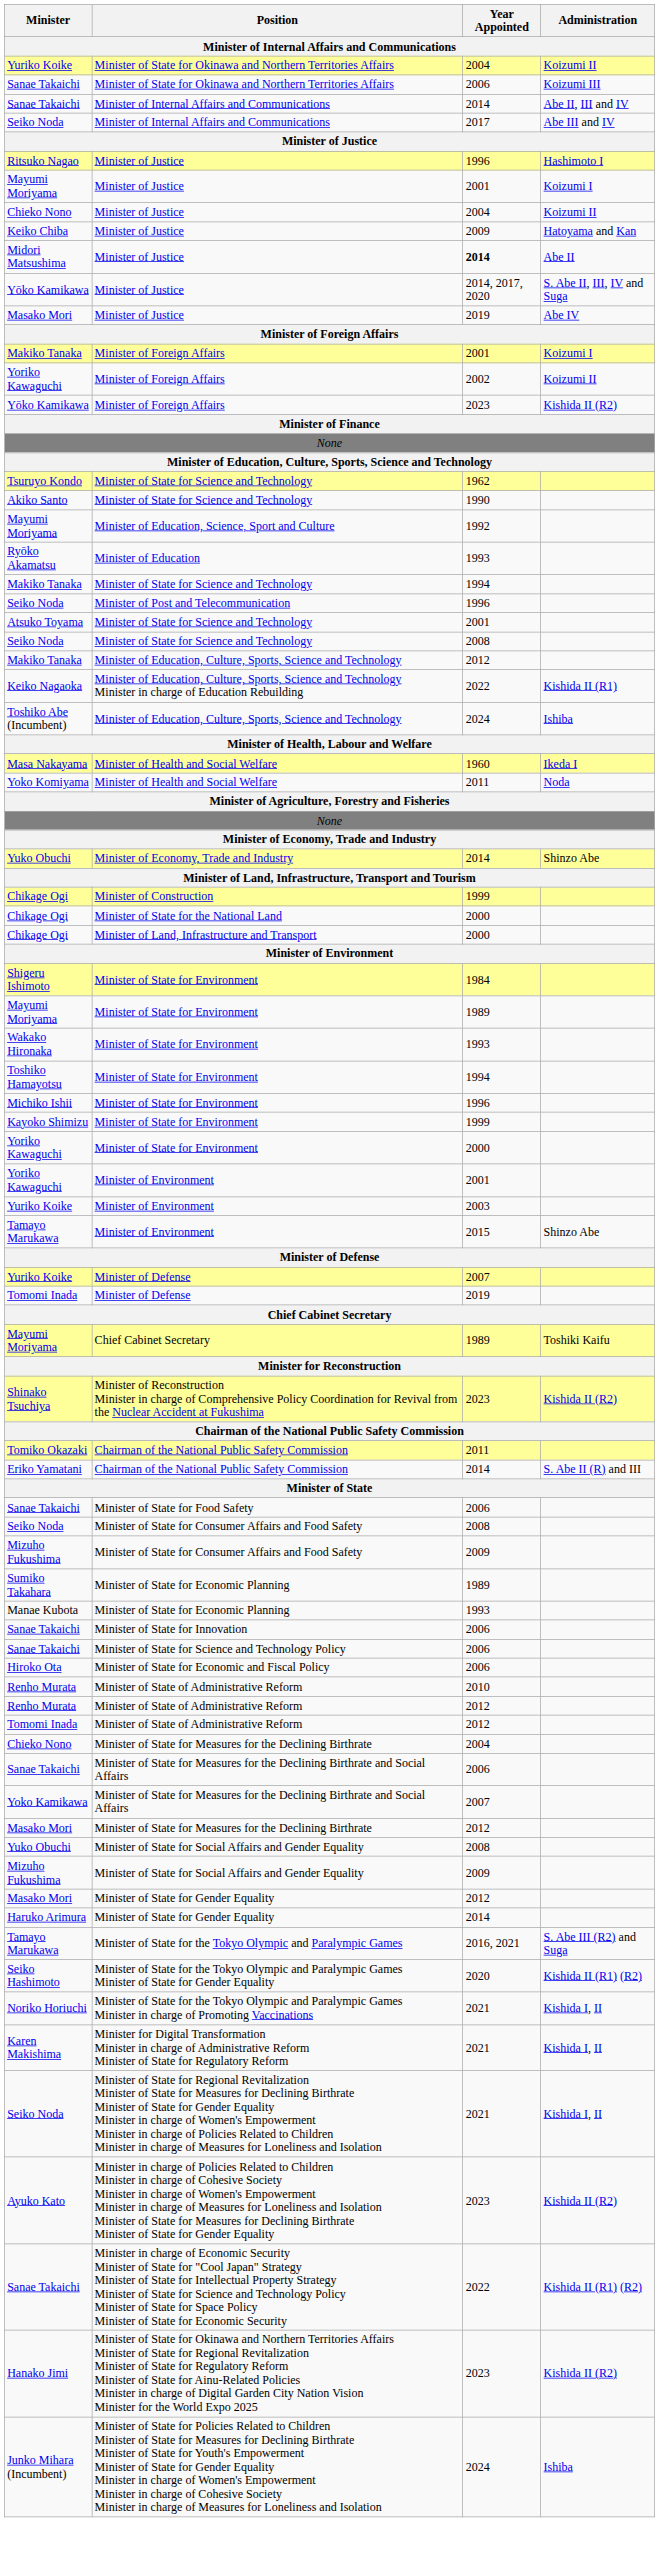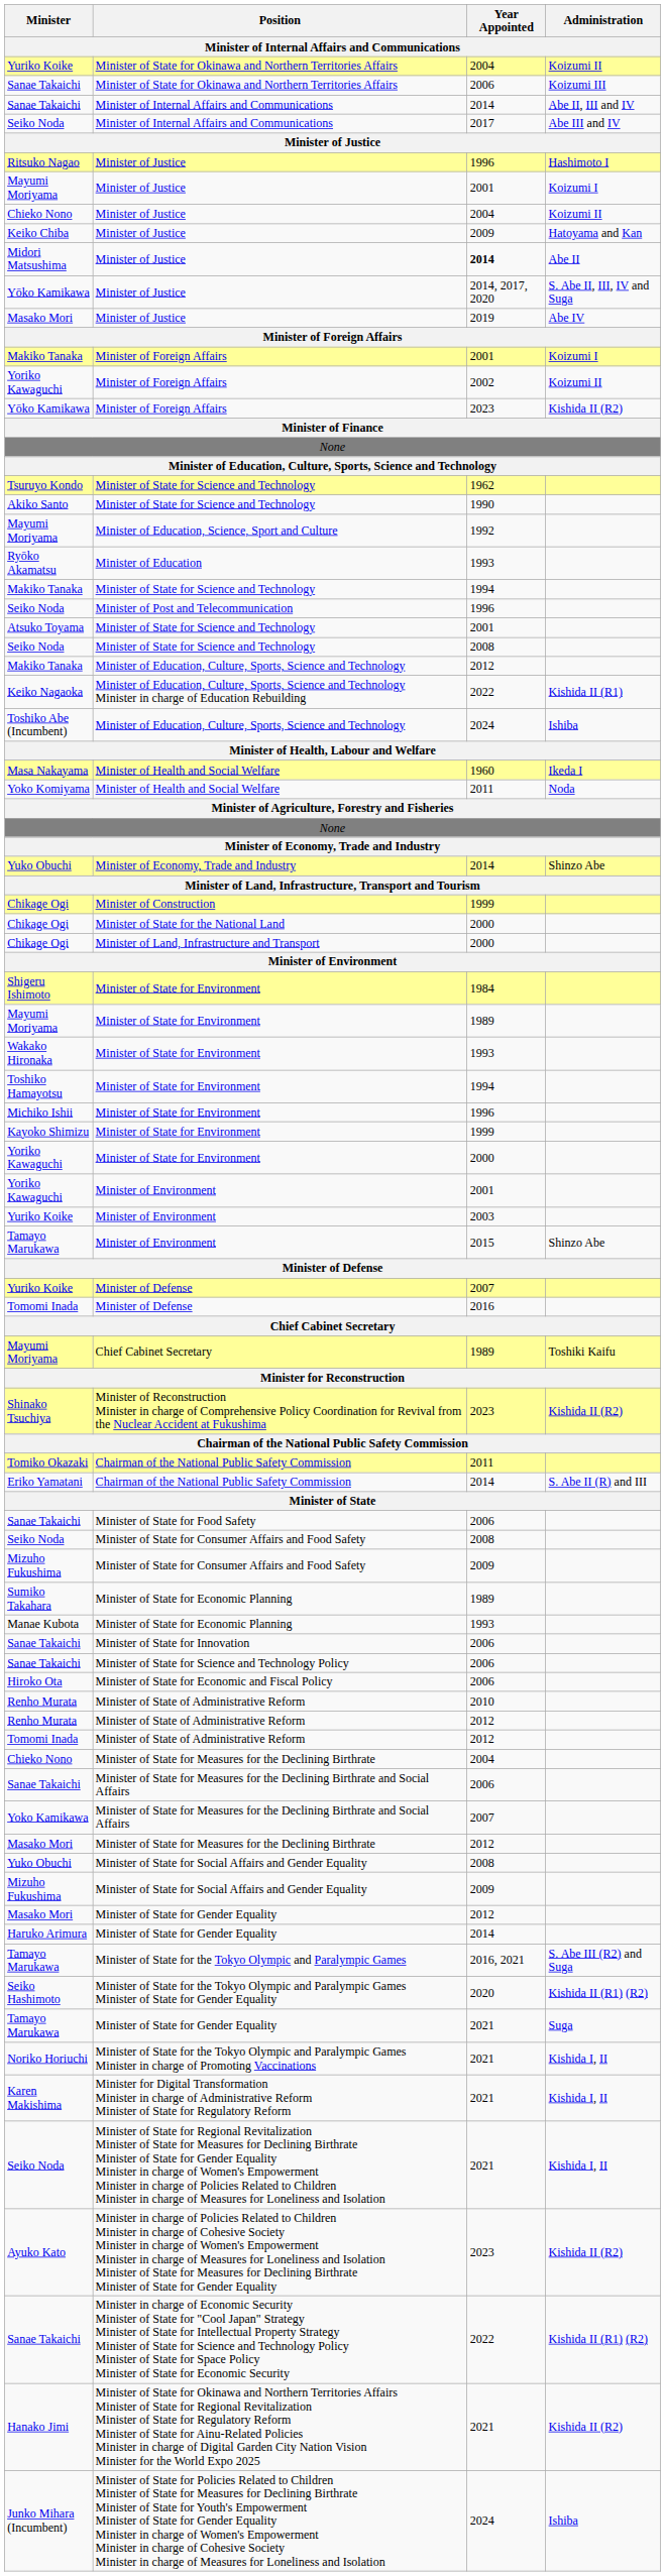 <table class="wikitable sortable">
 <tr>
 <th>Minister</th>
 <th>Position</th>
 <th>Year<br>Appointed</th>
 <th>Administration</th>
 </tr>
 <tr>
 <th colspan=4 align=center>Minister of Internal Affairs and Communications</th>
 </tr>
 <tr bgcolor="#FFFF99">
 <td><a href='#'>Yuriko Koike</a></td>
 <td><a href='#'>Minister of State for Okinawa and Northern Territories Affairs</a></td>
 <td>2004</td>
 <td><a href='#'>Koizumi II</a></td>
 </tr>
 <tr>
 <td><a href='#'>Sanae Takaichi</a></td>
 <td><a href='#'>Minister of State for Okinawa and Northern Territories Affairs</a></td>
 <td>2006</td>
 <td><a href='#'>Koizumi III</a></td>
 </tr>
 <tr>
 <td><a href='#'>Sanae Takaichi</a></td>
 <td><a href='#'>Minister of Internal Affairs and Communications</a></td>
 <td>2014</td>
 <td><a href='#'>Abe II</a>, <a href='#'>III</a> and <a href='#'>IV</a></td>
 </tr>
 <tr>
 <td><a href='#'>Seiko Noda</a></td>
 <td><a href='#'>Minister of Internal Affairs and Communications</a></td>
 <td>2017</td>
 <td><a href='#'>Abe III</a> and <a href='#'>IV</a></td>
 </tr>
 <tr>
 <th colspan=4 align=center>Minister of Justice</th>
 </tr>
 <tr bgcolor="#FFFF99">
 <td><a href='#'>Ritsuko Nagao</a></td>
 <td><a href='#'>Minister of Justice</a></td>
 <td>1996</td>
 <td><a href='#'>Hashimoto I</a></td>
 </tr>
 <tr>
 <td><a href='#'>Mayumi Moriyama</a></td>
 <td><a href='#'>Minister of Justice</a></td>
 <td>2001</td>
 <td><a href='#'>Koizumi I</a></td>
 </tr>
 <tr>
 <td><a href='#'>Chieko Nono</a></td>
 <td><a href='#'>Minister of Justice</a></td>
 <td>2004</td>
 <td><a href='#'>Koizumi II</a></td>
 </tr>
 <tr>
 <td><a href='#'>Keiko Chiba</a></td>
 <td><a href='#'>Minister of Justice</a></td>
 <td>2009</td>
 <td><a href='#'>Hatoyama</a> and <a href='#'>Kan</a></td>
 </tr>
 <tr>
 <td><a href='#'>Midori Matsushima</a></td>
 <td><a href='#'>Minister of Justice</a></td>
 <td><strong>2014</strong></td>
 <td><a href='#'>Abe II</a></td>
 </tr>
 <tr>
 <td><a href='#'>Yōko Kamikawa</a></td>
 <td><a href='#'>Minister of Justice</a></td>
 <td>2014, 2017, 2020</td>
 <td><a href='#'>S. Abe II</a>, <a href='#'>III</a>, <a href='#'>IV</a> and <a href='#'>Suga</a></td>
 </tr>
 <tr>
 <td><a href='#'> Masako Mori</a></td>
 <td><a href='#'>Minister of Justice</a></td>
 <td>2019</td>
 <td><a href='#'>Abe IV</a></td>
 </tr>
 <tr>
 <th colspan=4 align=center>Minister of Foreign Affairs</th>
 </tr>
 <tr bgcolor="#FFFF99">
 <td><a href='#'>Makiko Tanaka</a></td>
 <td><a href='#'>Minister of Foreign Affairs</a></td>
 <td>2001</td>
 <td><a href='#'>Koizumi I</a></td>
 </tr>
 <tr>
 <td><a href='#'>Yoriko Kawaguchi</a></td>
 <td><a href='#'>Minister of Foreign Affairs</a></td>
 <td>2002</td>
 <td><a href='#'>Koizumi II</a></td>
 </tr>
 <tr>
 <td><a href='#'>Yōko Kamikawa</a></td>
 <td><a href='#'>Minister of Foreign Affairs</a></td>
 <td>2023</td>
 <td><a href='#'>Kishida II (R2)</a></td>
 </tr>
 <tr>
 <th colspan=4 align=center>Minister of Finance</th>
 </tr>
 <tr>
 <td colspan=4 align=center bgcolor="gray"><em>None</em></td>
 </tr>
 <tr>
 <th colspan=4 align=center>Minister of Education, Culture, Sports, Science and Technology</th>
 </tr>
 <tr bgcolor="#FFFF99">
 <td><a href='#'>Tsuruyo Kondo</a></td>
 <td><a href='#'>Minister of State for Science and Technology</a></td>
 <td>1962</td>
 <td></td>
 </tr>
 <tr>
 <td><a href='#'>Akiko Santo</a></td>
 <td><a href='#'>Minister of State for Science and Technology</a></td>
 <td>1990</td>
 <td></td>
 </tr>
 <tr>
 <td><a href='#'>Mayumi Moriyama</a></td>
 <td><a href='#'>Minister of Education, Science, Sport and Culture</a></td>
 <td>1992</td>
 <td></td>
 </tr>
 <tr>
 <td><a href='#'>Ryōko Akamatsu</a></td>
 <td><a href='#'>Minister of Education</a></td>
 <td>1993</td>
 <td></td>
 </tr>
 <tr>
 <td><a href='#'>Makiko Tanaka</a></td>
 <td><a href='#'>Minister of State for Science and Technology</a></td>
 <td>1994</td>
 <td></td>
 </tr>
 <tr>
 <td><a href='#'>Seiko Noda</a></td>
 <td><a href='#'>Minister of Post and Telecommunication</a></td>
 <td>1996</td>
 <td></td>
 </tr>
 <tr>
 <td><a href='#'>Atsuko Toyama</a></td>
 <td><a href='#'>Minister of State for Science and Technology</a></td>
 <td>2001</td>
 <td></td>
 </tr>
 <tr>
 <td><a href='#'>Seiko Noda</a></td>
 <td><a href='#'>Minister of State for Science and Technology</a></td>
 <td>2008</td>
 <td></td>
 </tr>
 <tr>
 <td><a href='#'>Makiko Tanaka</a></td>
 <td><a href='#'>Minister of Education, Culture, Sports, Science and Technology</a></td>
 <td>2012</td>
 <td></td>
 </tr>
 <tr>
 <td><a href='#'>Keiko Nagaoka</a></td>
 <td><a href='#'>Minister of Education, Culture, Sports, Science and Technology</a><br>Minister in charge of Education Rebuilding</td>
 <td>2022</td>
 <td><a href='#'>Kishida II (R1)</a></td>
 </tr>
 <tr>
 <td><a href='#'>Toshiko Abe</a><br>(Incumbent)</td>
 <td><a href='#'>Minister of Education, Culture, Sports, Science and Technology</a></td>
 <td>2024</td>
 <td><a href='#'>Ishiba</a></td>
 </tr>
 <tr>
 <th colspan=4 align=center>Minister of Health, Labour and Welfare</th>
 </tr>
 <tr bgcolor="#FFFF99">
 <td><a href='#'>Masa Nakayama</a></td>
 <td><a href='#'>Minister of Health and Social Welfare</a></td>
 <td>1960</td>
 <td><a href='#'>Ikeda I</a></td>
 </tr>
 <tr>
 <td><a href='#'>Yoko Komiyama</a></td>
 <td><a href='#'>Minister of Health and Social Welfare</a></td>
 <td>2011</td>
 <td><a href='#'>Noda</a></td>
 </tr>
 <tr>
 <th colspan=4 align=center>Minister of Agriculture, Forestry and Fisheries</th>
 </tr>
 <tr>
 <td colspan=4 align=center bgcolor="gray"><em>None</em></td>
 </tr>
 <tr>
 <th colspan=4 align=center>Minister of Economy, Trade and Industry</th>
 </tr>
 <tr bgcolor="#FFFF99">
 <td><a href='#'>Yuko Obuchi</a></td>
 <td><a href='#'>Minister of Economy, Trade and Industry</a></td>
 <td>2014</td>
 <td>Shinzo Abe</td>
 </tr>
 <tr>
 <th colspan=4 align=center>Minister of Land, Infrastructure, Transport and Tourism</th>
 </tr>
 <tr bgcolor="#FFFF99">
 <td><a href='#'>Chikage Ogi</a></td>
 <td><a href='#'>Minister of Construction</a></td>
 <td>1999</td>
 <td></td>
 </tr>
 <tr>
 <td><a href='#'>Chikage Ogi</a></td>
 <td><a href='#'>Minister of State for the National Land</a></td>
 <td>2000</td>
 <td></td>
 </tr>
 <tr>
 <td><a href='#'>Chikage Ogi</a></td>
 <td><a href='#'>Minister of Land, Infrastructure and Transport</a></td>
 <td>2000</td>
 <td></td>
 </tr>
 <tr>
 <th colspan=4 align=center>Minister of Environment</th>
 </tr>
 <tr bgcolor="#FFFF99">
 <td><a href='#'>Shigeru Ishimoto</a></td>
 <td><a href='#'>Minister of State for Environment</a></td>
 <td>1984</td>
 <td></td>
 </tr>
 <tr>
 <td><a href='#'>Mayumi Moriyama</a></td>
 <td><a href='#'>Minister of State for Environment</a></td>
 <td>1989</td>
 <td></td>
 </tr>
 <tr>
 <td><a href='#'>Wakako Hironaka</a></td>
 <td><a href='#'>Minister of State for Environment</a></td>
 <td>1993</td>
 <td></td>
 </tr>
 <tr>
 <td><a href='#'>Toshiko Hamayotsu</a></td>
 <td><a href='#'>Minister of State for Environment</a></td>
 <td>1994</td>
 <td></td>
 </tr>
 <tr>
 <td><a href='#'>Michiko Ishii</a></td>
 <td><a href='#'>Minister of State for Environment</a></td>
 <td>1996</td>
 <td></td>
 </tr>
 <tr>
 <td><a href='#'>Kayoko Shimizu</a></td>
 <td><a href='#'>Minister of State for Environment</a></td>
 <td>1999</td>
 <td></td>
 </tr>
 <tr>
 <td><a href='#'>Yoriko Kawaguchi</a></td>
 <td><a href='#'>Minister of State for Environment</a></td>
 <td>2000</td>
 <td></td>
 </tr>
 <tr>
 <td><a href='#'>Yoriko Kawaguchi</a></td>
 <td><a href='#'>Minister of Environment</a></td>
 <td>2001</td>
 <td></td>
 </tr>
 <tr>
 <td><a href='#'>Yuriko Koike</a></td>
 <td><a href='#'>Minister of Environment</a></td>
 <td>2003</td>
 <td></td>
 </tr>
 <tr>
 <td><a href='#'>Tamayo Marukawa</a></td>
 <td><a href='#'>Minister of Environment</a></td>
 <td>2015</td>
 <td>Shinzo Abe</td>
 </tr>
 <tr>
 <th colspan=4 align=center>Minister of Defense</th>
 </tr>
 <tr bgcolor="#FFFF99">
 <td><a href='#'>Yuriko Koike</a></td>
 <td><a href='#'>Minister of Defense</a></td>
 <td>2007</td>
 <td></td>
 </tr>
 <tr>
 <td><a href='#'>Tomomi Inada</a></td>
 <td><a href='#'>Minister of Defense</a></td>
-<td>2019</td>
+<td>2016</td>
 <td></td>
 </tr>
 <tr>
 <th colspan=4 align=center>Chief Cabinet Secretary</th>
 </tr>
 <tr bgcolor=#ffff99>
 <td><a href='#'>Mayumi Moriyama</a></td>
 <td>Chief Cabinet Secretary</td>
 <td>1989</td>
 <td>Toshiki Kaifu</td>
 </tr>
 <tr>
 <th colspan=4 align=center>Minister for Reconstruction</th>
 </tr>
 <tr bgcolor=#ffff99>
 <td><a href='#'>Shinako Tsuchiya</a></td>
 <td>Minister of Reconstruction<br>Minister in charge of Comprehensive Policy Coordination for Revival from the <a href='#'>Nuclear Accident at Fukushima</a></td>
 <td>2023</td>
 <td><a href='#'>Kishida II (R2)</a></td>
 </tr>
 <tr>
 <th colspan=4 align=center>Chairman of the National Public Safety Commission</th>
 </tr>
 <tr bgcolor="#FFFF99">
 <td><a href='#'>Tomiko Okazaki</a></td>
 <td><a href='#'>Chairman of the National Public Safety Commission</a></td>
 <td>2011</td>
 <td></td>
 </tr>
 <tr>
 <td><a href='#'>Eriko Yamatani</a></td>
 <td><a href='#'>Chairman of the National Public Safety Commission</a></td>
 <td>2014</td>
 <td><a href='#'>S. Abe II (R)</a> and III</td>
 </tr>
 <tr>
 <th colspan=4 align=center>Minister of State</th>
 </tr>
 <tr>
 <td><a href='#'>Sanae Takaichi</a></td>
 <td>Minister of State for Food Safety</td>
 <td>2006</td>
 <td></td>
 </tr>
 <tr>
 <td><a href='#'>Seiko Noda</a></td>
 <td>Minister of State for Consumer Affairs and Food Safety</td>
 <td>2008</td>
 <td></td>
 </tr>
 <tr>
 <td><a href='#'>Mizuho Fukushima</a></td>
 <td>Minister of State for Consumer Affairs and Food Safety</td>
 <td>2009</td>
 <td></td>
 </tr>
 <tr>
 <td><a href='#'>Sumiko Takahara</a></td>
 <td>Minister of State for Economic Planning</td>
 <td>1989</td>
 <td></td>
 </tr>
 <tr>
 <td>Manae Kubota</td>
 <td>Minister of State for Economic Planning</td>
 <td>1993</td>
 <td></td>
 </tr>
 <tr>
 <td><a href='#'>Sanae Takaichi</a></td>
 <td>Minister of State for Innovation</td>
 <td>2006</td>
 <td></td>
 </tr>
 <tr>
 <td><a href='#'>Sanae Takaichi</a></td>
 <td>Minister of State for Science and Technology Policy</td>
 <td>2006</td>
 <td></td>
 </tr>
 <tr>
 <td><a href='#'>Hiroko Ota</a></td>
 <td>Minister of State for Economic and Fiscal Policy</td>
 <td>2006</td>
 <td></td>
 </tr>
 <tr>
 <td><a href='#'>Renho Murata</a></td>
 <td>Minister of State of Administrative Reform</td>
 <td>2010</td>
 <td></td>
 </tr>
 <tr>
 <td><a href='#'>Renho Murata</a></td>
 <td>Minister of State of Administrative Reform</td>
 <td>2012</td>
 <td></td>
 </tr>
 <tr>
 <td><a href='#'>Tomomi Inada</a></td>
 <td>Minister of State of Administrative Reform</td>
 <td>2012</td>
 <td></td>
 </tr>
 <tr>
 <td><a href='#'>Chieko Nono</a></td>
 <td>Minister of State for Measures for the Declining Birthrate</td>
 <td>2004</td>
 <td></td>
 </tr>
 <tr>
 <td><a href='#'>Sanae Takaichi</a></td>
 <td>Minister of State for Measures for the Declining Birthrate and Social Affairs</td>
 <td>2006</td>
 <td></td>
 </tr>
 <tr>
 <td><a href='#'>Yoko Kamikawa</a></td>
 <td>Minister of State for Measures for the Declining Birthrate and Social Affairs</td>
 <td>2007</td>
 <td></td>
 </tr>
 <tr>
 <td><a href='#'>Masako Mori</a></td>
 <td>Minister of State for Measures for the Declining Birthrate</td>
 <td>2012</td>
 <td></td>
 </tr>
 <tr>
 <td><a href='#'>Yuko Obuchi</a></td>
 <td>Minister of State for Social Affairs and Gender Equality</td>
 <td>2008</td>
 <td></td>
 </tr>
 <tr>
 <td><a href='#'>Mizuho Fukushima</a></td>
 <td>Minister of State for Social Affairs and Gender Equality</td>
 <td>2009</td>
 <td></td>
 </tr>
 <tr>
 <td><a href='#'>Masako Mori</a></td>
 <td>Minister of State for Gender Equality</td>
 <td>2012</td>
 <td></td>
 </tr>
 <tr>
 <td><a href='#'>Haruko Arimura</a></td>
 <td>Minister of State for Gender Equality</td>
 <td>2014</td>
 <td></td>
 </tr>
 <tr>
 <td><a href='#'>Tamayo Marukawa</a></td>
 <td>Minister of State for the <a href='#'>Tokyo Olympic</a> and <a href='#'>Paralympic Games</a></td>
 <td>2016, 2021</td>
 <td><a href='#'>S. Abe III (R2)</a> and <a href='#'>Suga</a></td>
 </tr>
 <tr>
 <td><a href='#'>Seiko Hashimoto</a></td>
 <td>Minister of State for the Tokyo Olympic and Paralympic Games<br>Minister of State for Gender Equality</td>
 <td>2020</td>
 <td><a href='#'>Kishida II (R1)</a> <a href='#'>(R2)</a></td>
 </tr>
 <tr>
+<td><a href='#'>Tamayo Marukawa</a></td>
+<td>Minister of State for Gender Equality</td>
+<td>2021</td>
+<td><a href='#'>Suga</a></td>
+</tr>
+<tr>
 <td><a href='#'>Noriko Horiuchi</a></td>
 <td>Minister of State for the Tokyo Olympic and Paralympic Games<br>Minister in charge of Promoting <a href='#'>Vaccinations</a></td>
 <td>2021</td>
 <td><a href='#'>Kishida I</a>, <a href='#'>II</a></td>
 </tr>
 <tr>
 <td><a href='#'>Karen Makishima</a></td>
 <td>Minister for Digital Transformation<br>Minister in charge of Administrative Reform<br>Minister of State for Regulatory Reform</td>
 <td>2021</td>
 <td><a href='#'>Kishida I</a>, <a href='#'>II</a></td>
 </tr>
 <tr>
 <td><a href='#'>Seiko Noda</a></td>
 <td>Minister of State for Regional Revitalization<br>Minister of State for Measures for Declining Birthrate<br>Minister of State for Gender Equality<br>Minister in charge of Women's Empowerment<br>Minister in charge of Policies Related to Children<br>Minister in charge of Measures for Loneliness and Isolation</td>
 <td>2021</td>
 <td><a href='#'>Kishida I</a>, <a href='#'>II</a></td>
 </tr>
 <tr>
 <td><a href='#'>Ayuko Kato</a></td>
 <td>Minister in charge of Policies Related to Children<br>Minister in charge of Cohesive Society<br>Minister in charge of Women's Empowerment<br>Minister in charge of Measures for Loneliness and Isolation<br>Minister of State for Measures for Declining Birthrate<br>Minister of State for Gender Equality</td>
 <td>2023</td>
 <td><a href='#'>Kishida II (R2)</a></td>
 </tr>
 <tr>
 <td><a href='#'>Sanae Takaichi</a></td>
 <td>Minister in charge of Economic Security<br>Minister of State for "Cool Japan" Strategy<br>Minister of State for Intellectual Property Strategy<br>Minister of State for Science and Technology Policy<br>Minister of State for Space Policy<br>Minister of State for Economic Security</td>
 <td>2022</td>
 <td><a href='#'>Kishida II (R1)</a> <a href='#'>(R2)</a></td>
 </tr>
 <tr>
 <td><a href='#'>Hanako Jimi</a></td>
 <td>Minister of State for Okinawa and Northern Territories Affairs<br>Minister of State for Regional Revitalization<br>Minister of State for Regulatory Reform<br>Minister of State for Ainu-Related Policies<br>Minister in charge of Digital Garden City Nation Vision<br>Minister for the World Expo 2025</td>
-<td>2023</td>
+<td>2021</td>
 <td><a href='#'>Kishida II (R2)</a></td>
 </tr>
 <tr>
 <td><a href='#'>Junko Mihara</a><br>(Incumbent)</td>
 <td>Minister of State for Policies Related to Children<br>Minister of State for Measures for Declining Birthrate<br>Minister of State for Youth's Empowerment<br>Minister of State for Gender Equality<br>Minister in charge of Women's Empowerment<br>Minister in charge of Cohesive Society<br>Minister in charge of Measures for Loneliness and Isolation</td>
 <td>2024</td>
 <td><a href='#'>Ishiba</a></td>
 </tr>
 </table>
